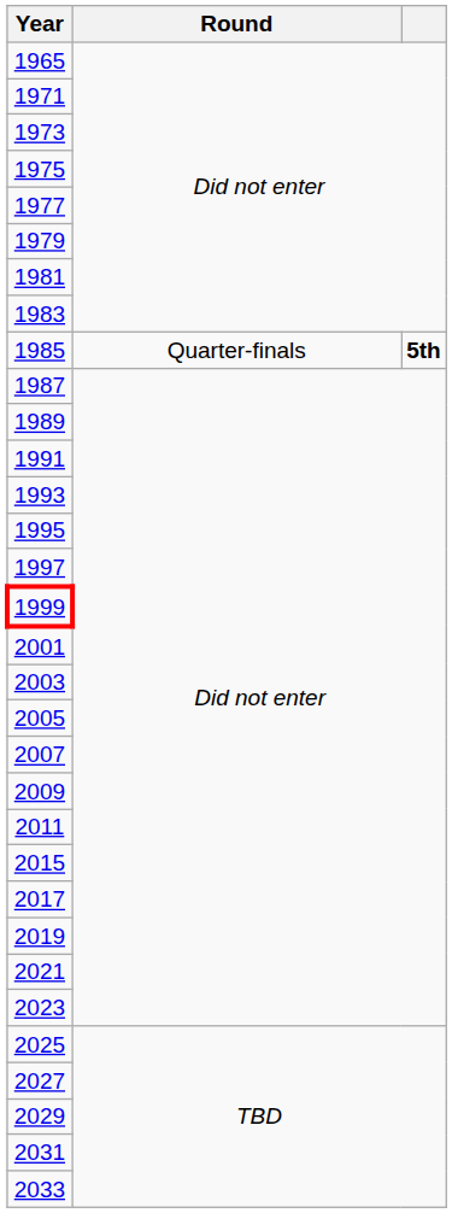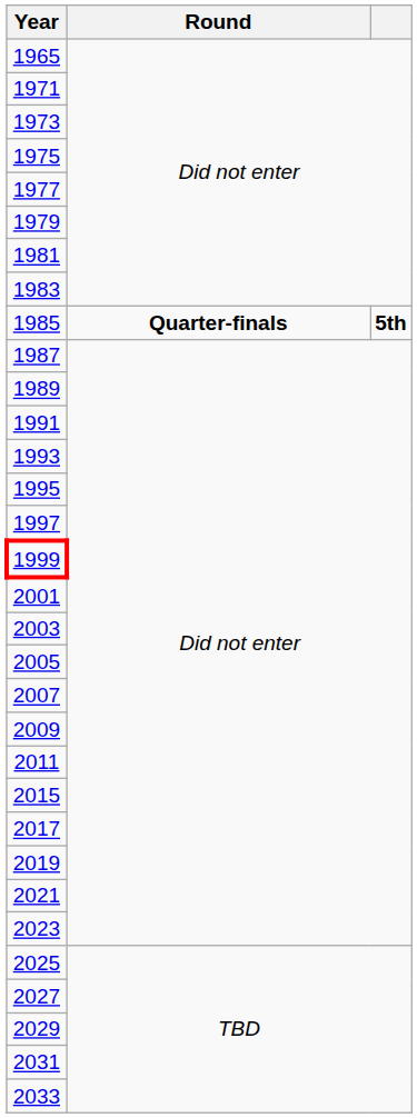 <table class="wikitable" style="text-align: center; font-size:90%">
 <tr>
 <th>Year</th>
 <th style="width:200px">Round</th>
 <th></th>
 </tr>
 <tr>
 <td><a href='#'>1965</a></td>
 <td colspan="2" rowspan="8"><em>Did not enter</em></td>
 </tr>
 <tr>
 <td><a href='#'>1971</a></td>
 </tr>
 <tr>
 <td><a href='#'>1973</a></td>
 </tr>
 <tr>
 <td><a href='#'>1975</a></td>
 </tr>
 <tr>
 <td><a href='#'>1977</a></td>
 </tr>
 <tr>
 <td><a href='#'>1979</a></td>
 </tr>
 <tr>
 <td><a href='#'>1981</a></td>
 </tr>
 <tr>
 <td><a href='#'>1983</a></td>
 </tr>
 <tr>
 <td><a href='#'>1985</a></td>
-<td>Quarter-finals</td>
+<td><strong>Quarter-finals</strong></td>
 <td><strong>5th</strong></td>
 </tr>
 <tr>
 <td><a href='#'>1987</a></td>
 <td colspan="2" rowspan="18"><em>Did not enter</em></td>
 </tr>
 <tr>
 <td><a href='#'>1989</a></td>
 </tr>
 <tr>
 <td><a href='#'>1991</a></td>
 </tr>
 <tr>
 <td><a href='#'>1993</a></td>
 </tr>
 <tr>
 <td><a href='#'>1995</a></td>
 </tr>
 <tr>
 <td><a href='#'>1997</a></td>
 </tr>
 <tr>
 <td style="border: 3px solid red"><a href='#'>1999</a></td>
 </tr>
 <tr>
 <td><a href='#'>2001</a></td>
 </tr>
 <tr>
 <td><a href='#'>2003</a></td>
 </tr>
 <tr>
 <td><a href='#'>2005</a></td>
 </tr>
 <tr>
 <td><a href='#'>2007</a></td>
 </tr>
 <tr>
 <td><a href='#'>2009</a></td>
 </tr>
 <tr>
 <td><a href='#'>2011</a></td>
 </tr>
 <tr>
 <td><a href='#'>2015</a></td>
 </tr>
 <tr>
 <td><a href='#'>2017</a></td>
 </tr>
 <tr>
 <td><a href='#'>2019</a></td>
 </tr>
 <tr>
 <td><a href='#'>2021</a></td>
 </tr>
 <tr>
 <td><a href='#'>2023</a></td>
 </tr>
 <tr>
 <td><a href='#'>2025</a></td>
 <td colspan="2" rowspan="5"><em>TBD</em></td>
 </tr>
 <tr>
 <td><a href='#'>2027</a></td>
 </tr>
 <tr>
 <td><a href='#'>2029</a></td>
 </tr>
 <tr>
 <td><a href='#'>2031</a></td>
 </tr>
 <tr>
 <td><a href='#'>2033</a></td>
 </tr>
 </table>
